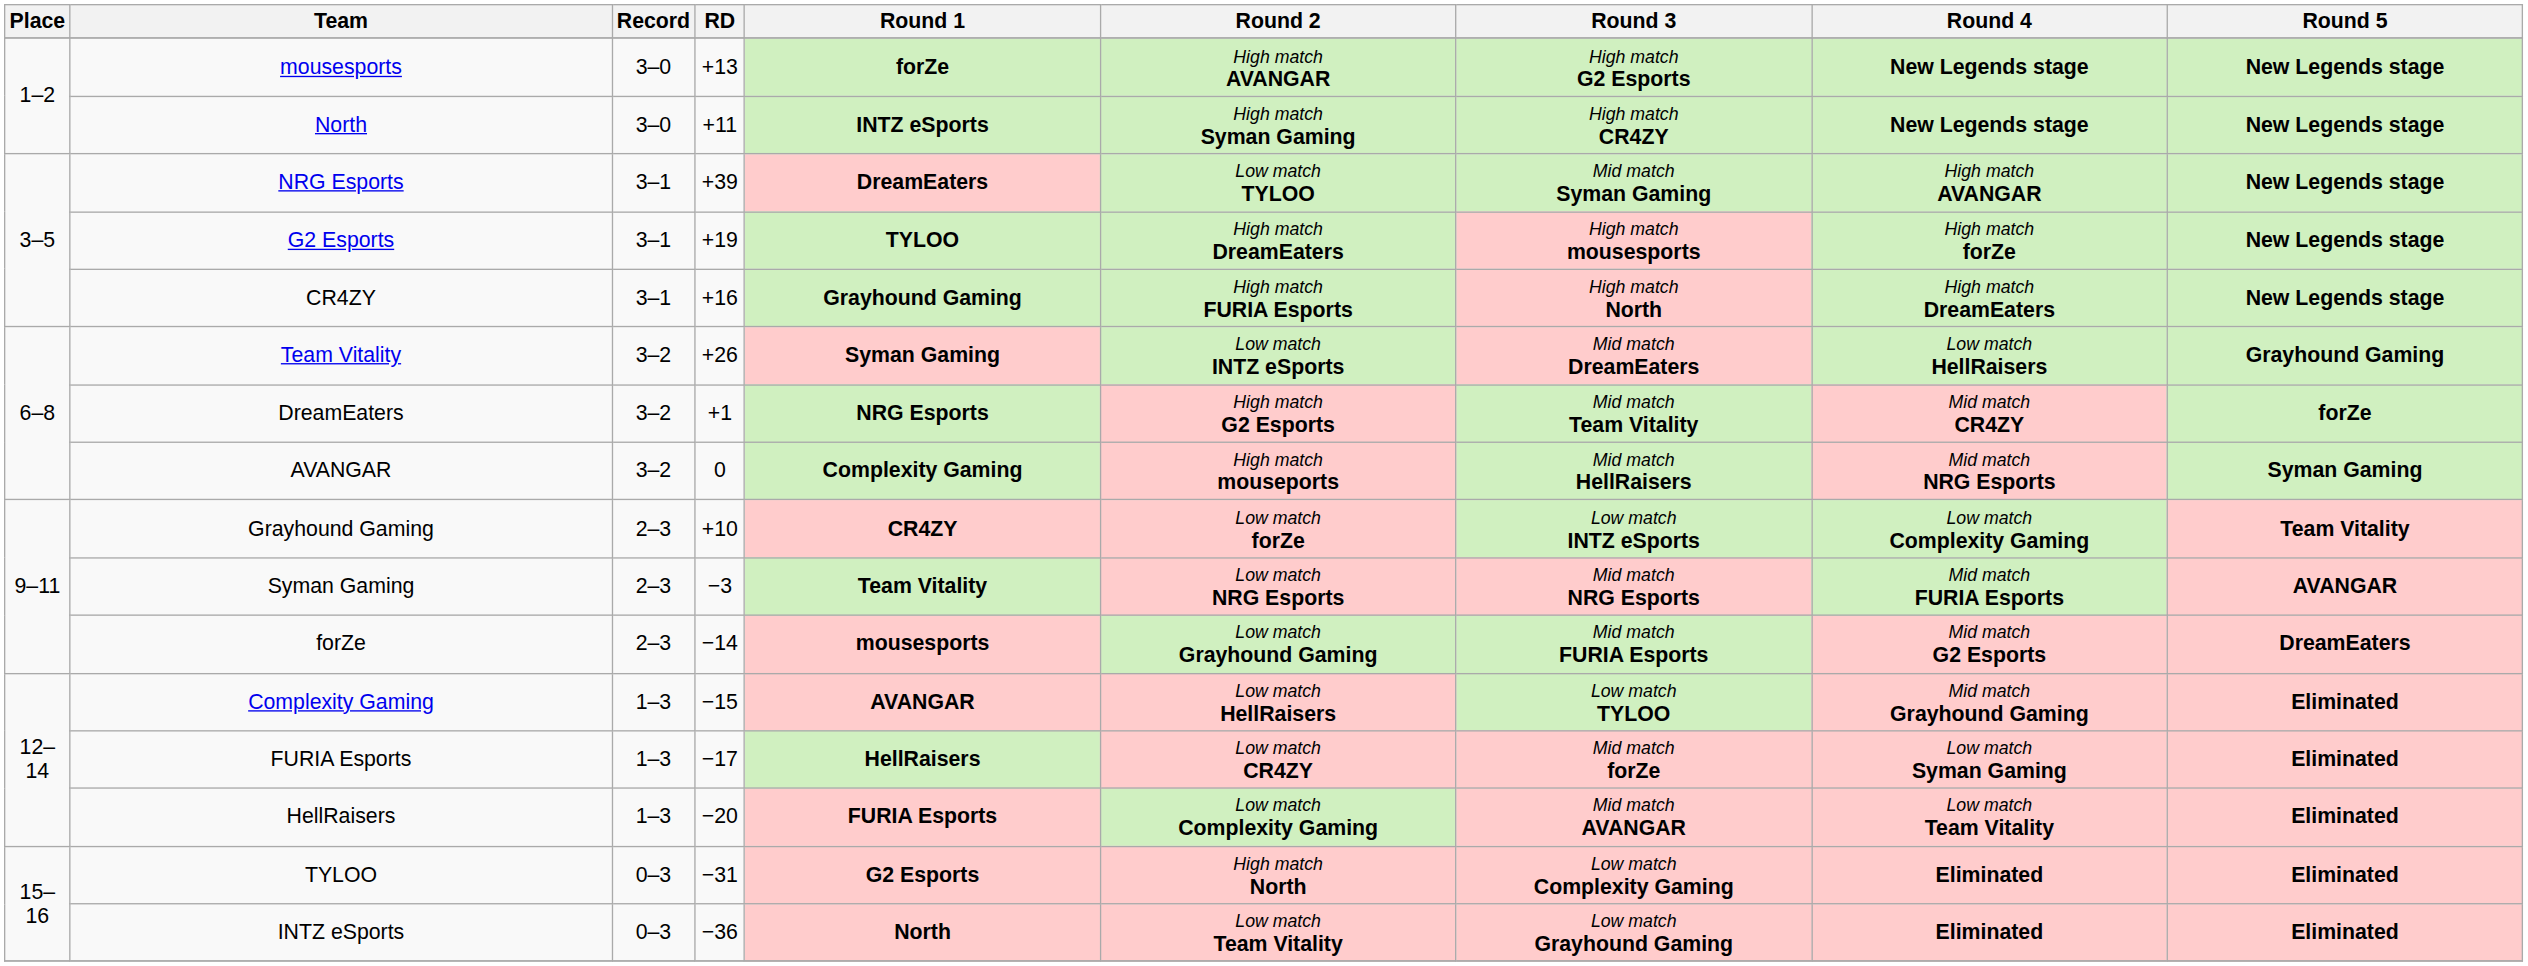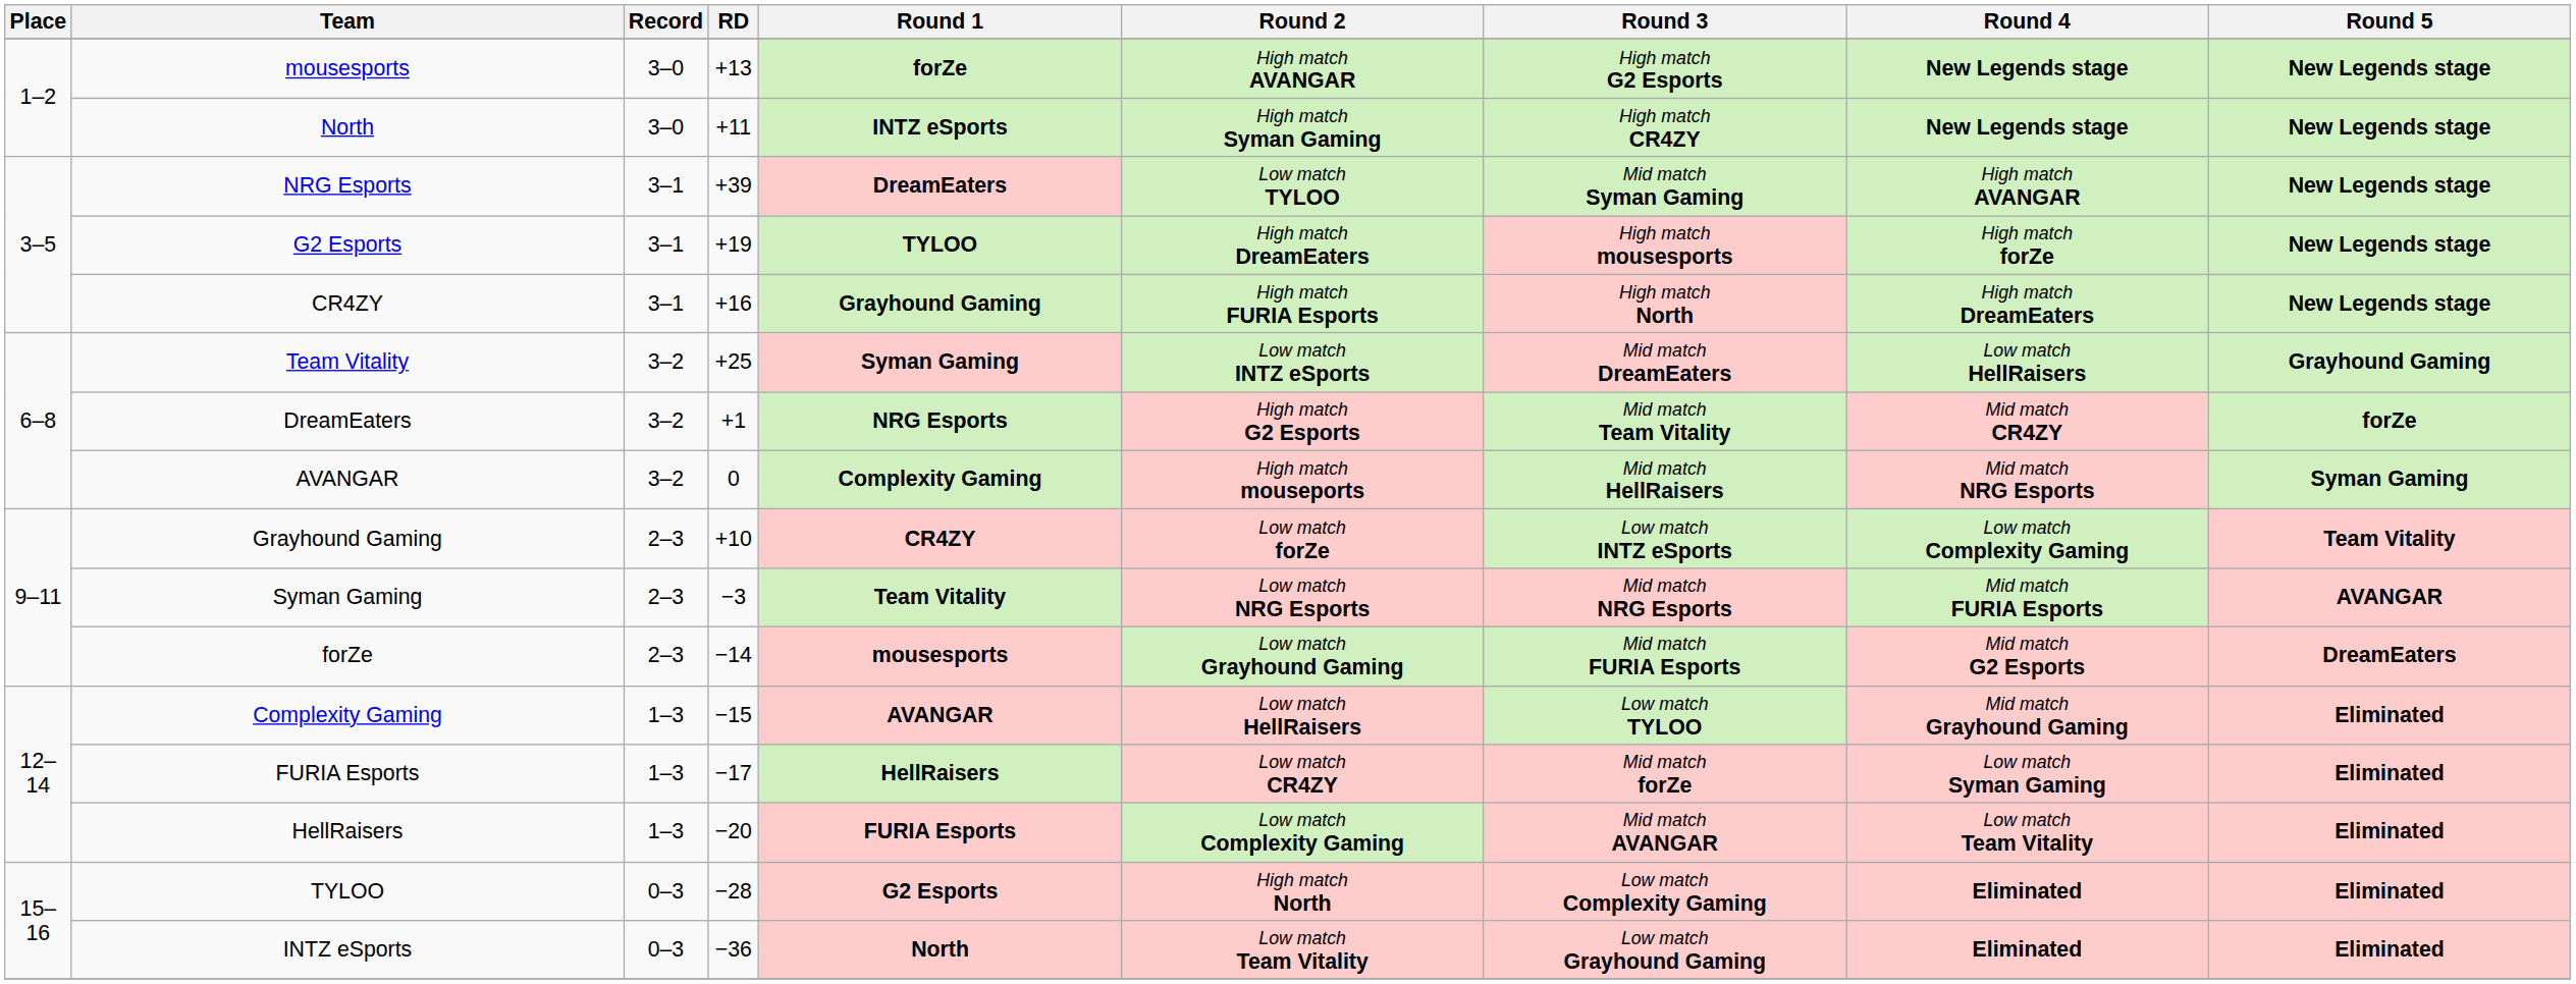 <table class="wikitable" style="text-align: center;">
 <tr>
 <th width="20px">Place</th>
 <th width="400px">Team</th>
 <th width="50px">Record</th>
 <th width="30px">RD</th>
 <th width="260px">Round 1</th>
 <th width="260px">Round 2</th>
 <th width="260px">Round 3</th>
 <th width="260px">Round 4</th>
 <th width="260px">Round 5</th>
 </tr>
 <tr>
 </tr>
 <tr>
 </tr>
 <tr>
 <td rowspan="2">1–2</td>
 <td><a href='#'>mousesports</a> </td>
 <td>3–0</td>
 <td>+13</td>
 <td style="background: #D0F0C0;"><strong>forZe </strong></td>
 <td style="background: #D0F0C0;"><small><em>High match</em></small><br> <strong>AVANGAR </strong></td>
 <td style="background: #D0F0C0;"><small><em>High match</em></small><br> <strong>G2 Esports </strong></td>
 <td style="background: #D0F0C0;"><strong>New Legends stage</strong></td>
 <td style="background: #D0F0C0;"><strong>New Legends stage</strong></td>
 </tr>
 <tr>
 <td><a href='#'>North</a> </td>
 <td>3–0</td>
 <td>+11</td>
 <td style="background: #D0F0C0;"><strong>INTZ eSports </strong></td>
 <td style="background: #D0F0C0;"><small><em>High match</em></small><br> <strong>Syman Gaming </strong></td>
 <td style="background: #D0F0C0;"><small><em>High match</em></small><br> <strong>CR4ZY </strong></td>
 <td style="background: #D0F0C0;"><strong>New Legends stage</strong></td>
 <td style="background: #D0F0C0;"><strong>New Legends stage</strong></td>
 </tr>
 <tr>
 <td rowspan="3">3–5</td>
 <td><a href='#'>NRG Esports</a> </td>
 <td>3–1</td>
 <td>+39</td>
 <td style="background: #FFCCCC;"><strong>DreamEaters </strong></td>
 <td style="background: #D0F0C0;"><small><em>Low match</em></small><br> <strong>TYLOO </strong></td>
 <td style="background: #D0F0C0;"><small><em>Mid match</em> </small><br> <strong>Syman Gaming </strong></td>
 <td style="background: #D0F0C0;"><small><em>High match</em> </small><br> <strong>AVANGAR  </strong></td>
 <td style="background: #D0F0C0;"><strong>New Legends stage</strong></td>
 </tr>
 <tr>
 <td><a href='#'>G2 Esports</a> </td>
 <td>3–1</td>
 <td>+19</td>
 <td style="background: #D0F0C0;"><strong>TYLOO </strong></td>
 <td style="background: #D0F0C0;"><small><em>High match</em></small><br> <strong>DreamEaters </strong></td>
 <td style="background: #FFCCCC;"><small><em>High match</em></small><br> <strong>mousesports </strong></td>
 <td style="background: #D0F0C0;"><small><em>High match</em></small><br> <strong>forZe </strong></td>
 <td style="background: #D0F0C0;"><strong>New Legends stage</strong></td>
 </tr>
 <tr>
 <td>CR4ZY </td>
 <td>3–1</td>
 <td>+16</td>
 <td style="background: #D0F0C0;"><strong>Grayhound Gaming </strong></td>
 <td style="background: #D0F0C0;"><small><em>High match</em></small><br> <strong>FURIA Esports </strong></td>
 <td style="background: #FFCCCC;"><small><em>High match</em></small><br> <strong>North </strong></td>
 <td style="background: #D0F0C0;"><small><em>High match</em></small><br> <strong>DreamEaters </strong></td>
 <td style="background: #D0F0C0;"><strong>New Legends stage</strong></td>
 </tr>
 <tr>
 <td rowspan="3">6–8</td>
 <td><a href='#'>Team Vitality</a> </td>
 <td>3–2</td>
-<td>+26</td>
+<td>+25</td>
 <td style="background: #FFCCCC;"><strong>Syman Gaming </strong></td>
 <td style="background: #D0F0C0;"><small><em>Low match</em></small><br> <strong>INTZ eSports </strong></td>
 <td style="background: #FFCCCC;"><small><em>Mid match</em></small><br> <strong>DreamEaters </strong></td>
 <td style="background: #D0F0C0;"><small><em>Low match</em></small><br> <strong>HellRaisers </strong></td>
 <td style="background: #D0F0C0;"><strong>Grayhound Gaming </strong></td>
 </tr>
 <tr>
 <td>DreamEaters </td>
 <td>3–2</td>
 <td>+1</td>
 <td style="background: #D0F0C0;"><strong>NRG Esports </strong></td>
 <td style="background: #FFCCCC;"><small><em>High match</em></small><br> <strong>G2 Esports </strong></td>
 <td style="background: #D0F0C0;"><small><em>Mid match</em> </small><br> <strong>Team Vitality </strong></td>
 <td style="background: #FFCCCC;"><small><em>Mid match</em></small><br> <strong>CR4ZY </strong></td>
 <td style="background: #D0F0C0;"><strong>forZe </strong></td>
 </tr>
 <tr>
 <td>AVANGAR  </td>
 <td>3–2</td>
 <td>0</td>
 <td style="background: #D0F0C0;"><strong>Complexity Gaming </strong></td>
 <td style="background: #FFCCCC;"><small><em>High match</em></small><br> <strong>mouseports </strong></td>
 <td style="background: #D0F0C0;"><small><em>Mid match</em></small><br> <strong>HellRaisers </strong></td>
 <td style="background: #FFCCCC;"><small><em>Mid match</em></small><br> <strong>NRG Esports </strong></td>
 <td style="background: #D0F0C0;"><strong>Syman Gaming </strong></td>
 </tr>
 <tr>
 <td rowspan="3">9–11</td>
 <td>Grayhound Gaming </td>
 <td>2–3</td>
 <td>+10</td>
 <td style="background: #FFCCCC;"><strong>CR4ZY </strong></td>
 <td style="background: #FFCCCC;"><small><em>Low match</em></small><br> <strong>forZe </strong></td>
 <td style="background: #D0F0C0;"><small><em>Low match</em></small><br> <strong>INTZ eSports </strong></td>
 <td style="background: #D0F0C0;"><small><em>Low match</em></small><br> <strong>Complexity Gaming </strong></td>
 <td style="background: #FFCCCC;"><strong>Team Vitality </strong></td>
 </tr>
 <tr>
 <td>Syman Gaming </td>
 <td>2–3</td>
 <td>−3</td>
 <td style="background: #D0F0C0;"><strong>Team Vitality </strong></td>
 <td style="background: #FFCCCC;"><small><em>Low match</em></small><br> <strong>NRG Esports </strong></td>
 <td style="background: #FFCCCC;"><small><em>Mid match</em></small><br> <strong>NRG Esports </strong></td>
 <td style="background: #D0F0C0;"><small><em>Mid match</em></small><br> <strong>FURIA Esports </strong></td>
 <td style="background: #FFCCCC;"><strong>AVANGAR  </strong></td>
 </tr>
 <tr>
 <td>forZe </td>
 <td>2–3</td>
 <td>−14</td>
 <td style="background: #FFCCCC;"><strong>mousesports </strong></td>
 <td style="background: #D0F0C0;"><small><em>Low match</em></small><br> <strong>Grayhound Gaming </strong></td>
 <td style="background: #D0F0C0;"><small><em>Mid match</em></small><br> <strong>FURIA Esports </strong></td>
 <td style="background: #FFCCCC;"><small><em>Mid match</em></small><br> <strong>G2 Esports </strong></td>
 <td style="background: #FFCCCC;"><strong>DreamEaters </strong></td>
 </tr>
 <tr>
 <td rowspan="3">12–14</td>
 <td><a href='#'>Complexity Gaming</a> </td>
 <td>1–3</td>
 <td>−15</td>
 <td style="background: #FFCCCC;"><strong>AVANGAR </strong></td>
 <td style="background: #FFCCCC;"><small><em>Low match</em></small><br> <strong>HellRaisers </strong></td>
 <td style="background: #D0F0C0;"><small><em>Low match</em></small><br> <strong>TYLOO </strong></td>
 <td style="background: #FFCCCC;"><small><em>Mid match</em></small><br> <strong>Grayhound Gaming </strong></td>
 <td style="background: #FFCCCC;"><strong>Eliminated</strong></td>
 </tr>
 <tr>
 <td>FURIA Esports </td>
 <td>1–3</td>
 <td>−17</td>
 <td style="background: #D0F0C0;"><strong>HellRaisers </strong></td>
 <td style="background: #FFCCCC;"><small><em>Low match</em></small><br> <strong>CR4ZY </strong></td>
 <td style="background: #FFCCCC;"><small><em>Mid match</em></small><br> <strong>forZe </strong></td>
 <td style="background: #FFCCCC;"><small><em>Low match</em></small><br> <strong>Syman Gaming </strong></td>
 <td style="background: #FFCCCC;"><strong>Eliminated</strong></td>
 </tr>
 <tr>
 <td>HellRaisers </td>
 <td>1–3</td>
 <td>−20</td>
 <td style="background: #FFCCCC;"><strong>FURIA Esports </strong></td>
 <td style="background: #D0F0C0;"><small><em>Low match</em></small><br> <strong>Complexity Gaming </strong></td>
 <td style="background: #FFCCCC;"><small><em>Mid match</em></small><br> <strong>AVANGAR </strong></td>
 <td style="background: #FFCCCC;"><small><em>Low match</em></small><br> <strong>Team Vitality </strong></td>
 <td style="background: #FFCCCC;"><strong>Eliminated</strong></td>
 </tr>
 <tr>
 <td rowspan="2">15–16</td>
 <td>TYLOO </td>
 <td>0–3</td>
-<td>−31</td>
+<td>−28</td>
 <td style="background: #FFCCCC;"><strong>G2 Esports </strong></td>
 <td style="background: #FFCCCC;"><small><em>High match</em></small><br> <strong>North </strong></td>
 <td style="background: #FFCCCC;"><small><em>Low match</em></small><br> <strong>Complexity Gaming </strong></td>
 <td style="background: #FFCCCC;"><strong>Eliminated</strong></td>
 <td style="background: #FFCCCC;"><strong>Eliminated</strong></td>
 </tr>
 <tr>
 <td>INTZ eSports </td>
 <td>0–3</td>
 <td>−36</td>
 <td style="background: #FFCCCC;"><strong>North </strong></td>
 <td style="background: #FFCCCC;"><small><em>Low match</em></small><br> <strong>Team Vitality </strong></td>
 <td style="background: #FFCCCC;"><small><em>Low match</em></small><br> <strong>Grayhound Gaming </strong></td>
 <td style="background: #FFCCCC;"><strong>Eliminated</strong></td>
 <td style="background: #FFCCCC;"><strong>Eliminated</strong></td>
 </tr>
 <tr>
 </tr>
 </table>
